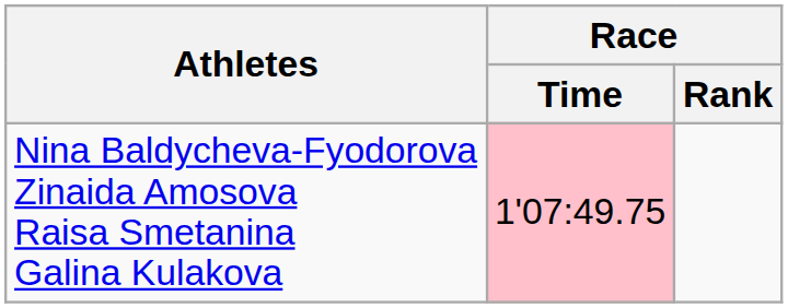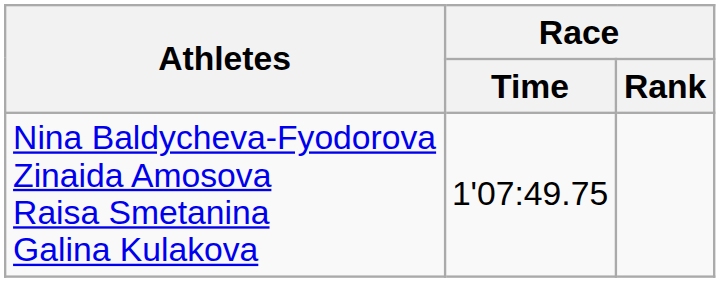 <table class="wikitable" border="1" style="font-size:90%">
 <tr>
 <th rowspan=2>Athletes</th>
 <th colspan=2>Race</th>
 </tr>
 <tr>
 <th>Time</th>
 <th>Rank</th>
 </tr>
 <tr>
 <td><a href='#'>Nina Baldycheva-Fyodorova</a><br><a href='#'>Zinaida Amosova</a><br><a href='#'>Raisa Smetanina</a><br><a href='#'>Galina Kulakova</a></td>
-<td align=center style="background: pink;">1'07:49.75</td>
+<td align=center>1'07:49.75</td>
 <td align=center></td>
 </tr>
 </table>
